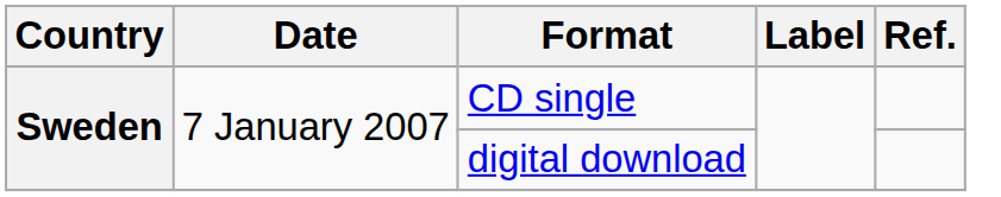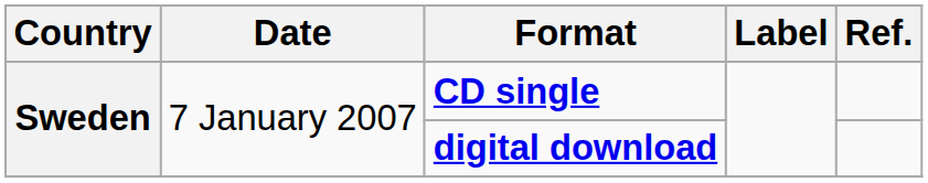 <table class="wikitable plainrowheaders">
 <tr>
 <th scope="col">Country</th>
 <th scope="col">Date</th>
 <th scope="col">Format</th>
 <th scope="col">Label</th>
 <th scope="col">Ref.</th>
 </tr>
 <tr>
 <th scope="row" rowspan="2">Sweden</th>
 <td rowspan="2">7 January 2007</td>
-<td rowspan="1"><a href='#'>CD single</a></td>
+<td rowspan="1"><strong><a href='#'>CD single</a></strong></td>
 <td rowspan="2"></td>
 <td></td>
 </tr>
 <tr>
-<td><a href='#'>digital download</a></td>
+<td><strong><a href='#'>digital download</a></strong></td>
 <td></td>
 </tr>
 <tr>
 </tr>
 </table>
